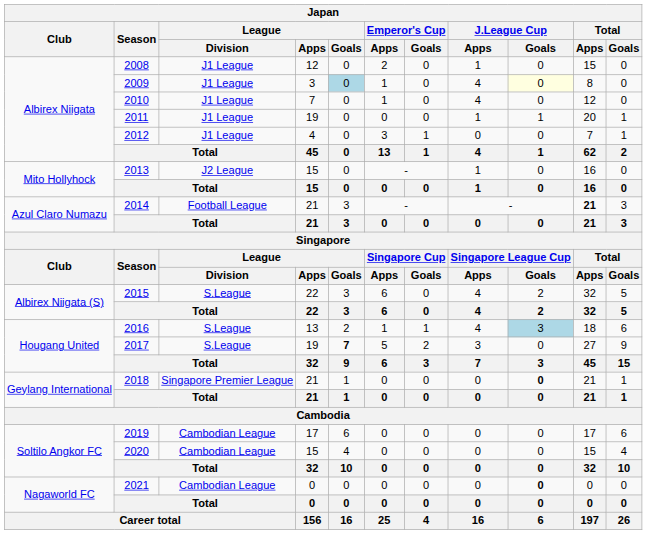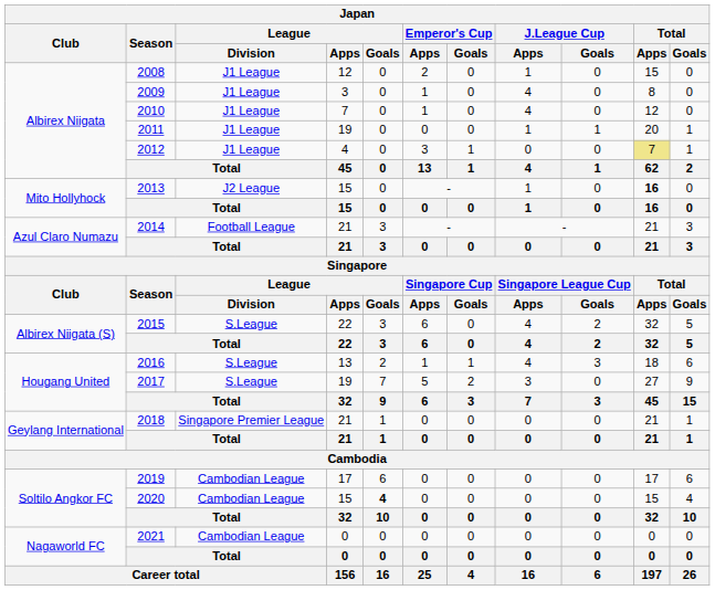 <table style="text-align:center" class="wikitable">
 <tr>
 <th colspan="11">Japan</th>
 </tr>
 <tr>
 <th rowspan="2">Club</th>
 <th rowspan="2">Season</th>
 <th colspan="3">League</th>
 <th colspan="2"><a href='#'>Emperor's Cup</a></th>
 <th colspan="2"><a href='#'>J.League Cup</a></th>
 <th colspan="2">Total</th>
 </tr>
 <tr>
 <th>Division</th>
 <th>Apps</th>
 <th>Goals</th>
 <th>Apps</th>
 <th>Goals</th>
 <th>Apps</th>
 <th>Goals</th>
 <th>Apps</th>
 <th>Goals</th>
 </tr>
 <tr>
 <td rowspan="6"><a href='#'>Albirex Niigata</a></td>
 <td><a href='#'>2008</a></td>
 <td><a href='#'>J1 League</a></td>
 <td>12</td>
 <td>0</td>
 <td>2</td>
 <td>0</td>
 <td>1</td>
 <td>0</td>
 <td>15</td>
 <td>0</td>
 </tr>
 <tr>
 <td><a href='#'>2009</a></td>
 <td><a href='#'>J1 League</a></td>
 <td>3</td>
-<td style="background: lightblue;">0</td>
+<td>0</td>
 <td>1</td>
 <td>0</td>
 <td>4</td>
-<td style="background: lightyellow;">0</td>
+<td>0</td>
 <td>8</td>
 <td>0</td>
 </tr>
 <tr>
 <td><a href='#'>2010</a></td>
 <td><a href='#'>J1 League</a></td>
 <td>7</td>
 <td>0</td>
 <td>1</td>
 <td>0</td>
 <td>4</td>
 <td>0</td>
 <td>12</td>
 <td>0</td>
 </tr>
 <tr>
 <td><a href='#'>2011</a></td>
 <td><a href='#'>J1 League</a></td>
 <td>19</td>
 <td>0</td>
 <td>0</td>
 <td>0</td>
 <td>1</td>
 <td>1</td>
 <td>20</td>
 <td>1</td>
 </tr>
 <tr>
 <td><a href='#'>2012</a></td>
 <td><a href='#'>J1 League</a></td>
 <td>4</td>
 <td>0</td>
 <td>3</td>
 <td>1</td>
 <td>0</td>
 <td>0</td>
-<td>7</td>
+<td style="background: khaki;">7</td>
 <td>1</td>
 </tr>
 <tr>
 <th colspan="2">Total</th>
 <th>45</th>
 <th>0</th>
 <th>13</th>
 <th>1</th>
 <th>4</th>
 <th>1</th>
 <th>62</th>
 <th>2</th>
 </tr>
 <tr>
 <td rowspan="2"><a href='#'>Mito Hollyhock</a></td>
 <td><a href='#'>2013</a></td>
 <td><a href='#'>J2 League</a></td>
 <td>15</td>
 <td>0</td>
 <td colspan="2">-</td>
 <td>1</td>
 <td>0</td>
-<td>16</td>
+<td><strong>16</strong></td>
 <td>0</td>
 </tr>
 <tr>
 <th colspan="2">Total</th>
 <th>15</th>
 <th>0</th>
 <th>0</th>
 <th>0</th>
 <th>1</th>
 <th>0</th>
 <th>16</th>
 <th>0</th>
 </tr>
 <tr>
 <td rowspan="2"><a href='#'>Azul Claro Numazu</a></td>
 <td><a href='#'>2014</a></td>
 <td><a href='#'>Football League</a></td>
 <td>21</td>
 <td>3</td>
 <td colspan="2">-</td>
 <td colspan="2">-</td>
-<td><strong>21</strong></td>
+<td>21</td>
 <td>3</td>
 </tr>
 <tr>
 <th colspan="2">Total</th>
 <th>21</th>
 <th>3</th>
 <th>0</th>
 <th>0</th>
 <th>0</th>
 <th>0</th>
 <th>21</th>
 <th>3</th>
 </tr>
 <tr>
 <th colspan="11">Singapore</th>
 </tr>
 <tr>
 <th rowspan="2">Club</th>
 <th rowspan="2">Season</th>
 <th colspan="3">League</th>
 <th colspan="2"><a href='#'>Singapore Cup</a></th>
 <th colspan="2"><a href='#'>Singapore League Cup</a></th>
 <th colspan="2">Total</th>
 </tr>
 <tr>
 <th>Division</th>
 <th>Apps</th>
 <th>Goals</th>
 <th>Apps</th>
 <th>Goals</th>
 <th>Apps</th>
 <th>Goals</th>
 <th>Apps</th>
 <th>Goals</th>
 </tr>
 <tr>
 <td rowspan="2"><a href='#'>Albirex Niigata (S)</a></td>
 <td><a href='#'>2015</a></td>
 <td><a href='#'>S.League</a></td>
 <td>22</td>
 <td>3</td>
 <td>6</td>
 <td>0</td>
 <td>4</td>
 <td>2</td>
 <td>32</td>
 <td>5</td>
 </tr>
 <tr>
 <th colspan="2">Total</th>
 <th>22</th>
 <th>3</th>
 <th>6</th>
 <th>0</th>
 <th>4</th>
 <th>2</th>
 <th>32</th>
 <th>5</th>
 </tr>
 <tr>
 <td rowspan="3"><a href='#'>Hougang United</a></td>
 <td><a href='#'>2016</a></td>
 <td><a href='#'>S.League</a></td>
 <td>13</td>
 <td>2</td>
 <td>1</td>
 <td>1</td>
 <td>4</td>
-<td style="background: lightblue;">3</td>
+<td>3</td>
 <td>18</td>
 <td>6</td>
 </tr>
 <tr>
 <td><a href='#'>2017</a></td>
 <td><a href='#'>S.League</a></td>
 <td>19</td>
-<td><strong>7</strong></td>
+<td>7</td>
 <td>5</td>
 <td>2</td>
 <td>3</td>
 <td>0</td>
 <td>27</td>
 <td>9</td>
 </tr>
 <tr>
 <th colspan="2">Total</th>
 <th>32</th>
 <th>9</th>
 <th>6</th>
 <th>3</th>
 <th>7</th>
 <th>3</th>
 <th>45</th>
 <th>15</th>
 </tr>
 <tr>
 <td rowspan="2"><a href='#'>Geylang International</a></td>
 <td><a href='#'>2018</a></td>
 <td><a href='#'>Singapore Premier League</a></td>
 <td>21</td>
 <td>1</td>
 <td>0</td>
 <td>0</td>
 <td>0</td>
-<td><strong>0</strong></td>
+<td>0</td>
 <td>21</td>
 <td>1</td>
 </tr>
 <tr>
 <th colspan="2">Total</th>
 <th>21</th>
 <th>1</th>
 <th>0</th>
 <th>0</th>
 <th>0</th>
 <th>0</th>
 <th>21</th>
 <th>1</th>
 </tr>
 <tr>
 <th colspan="11">Cambodia</th>
 </tr>
 <tr>
 <td rowspan="3"><a href='#'>Soltilo Angkor FC</a></td>
 <td><a href='#'>2019</a></td>
 <td><a href='#'>Cambodian League</a></td>
 <td>17</td>
 <td>6</td>
 <td>0</td>
 <td>0</td>
 <td>0</td>
 <td>0</td>
 <td>17</td>
 <td>6</td>
 </tr>
 <tr>
 <td><a href='#'>2020</a></td>
 <td><a href='#'>Cambodian League</a></td>
 <td>15</td>
-<td>4</td>
+<td><strong>4</strong></td>
 <td>0</td>
 <td>0</td>
 <td>0</td>
 <td>0</td>
 <td>15</td>
 <td>4</td>
 </tr>
 <tr>
 <th colspan="2">Total</th>
 <th>32</th>
 <th>10</th>
 <th>0</th>
 <th>0</th>
 <th>0</th>
 <th>0</th>
 <th>32</th>
 <th>10</th>
 </tr>
 <tr>
 <td rowspan="2"><a href='#'>Nagaworld FC</a></td>
 <td><a href='#'>2021</a></td>
 <td><a href='#'>Cambodian League</a></td>
 <td>0</td>
 <td>0</td>
 <td>0</td>
 <td>0</td>
 <td>0</td>
-<td><strong>0</strong></td>
+<td>0</td>
 <td>0</td>
 <td>0</td>
 </tr>
 <tr>
 <th colspan="2">Total</th>
 <th>0</th>
 <th>0</th>
 <th>0</th>
 <th>0</th>
 <th>0</th>
 <th>0</th>
 <th>0</th>
 <th>0</th>
 </tr>
 <tr>
 <th colspan="3">Career total</th>
 <th>156</th>
 <th>16</th>
 <th>25</th>
 <th>4</th>
 <th>16</th>
 <th>6</th>
 <th>197</th>
 <th>26</th>
 </tr>
 </table>
